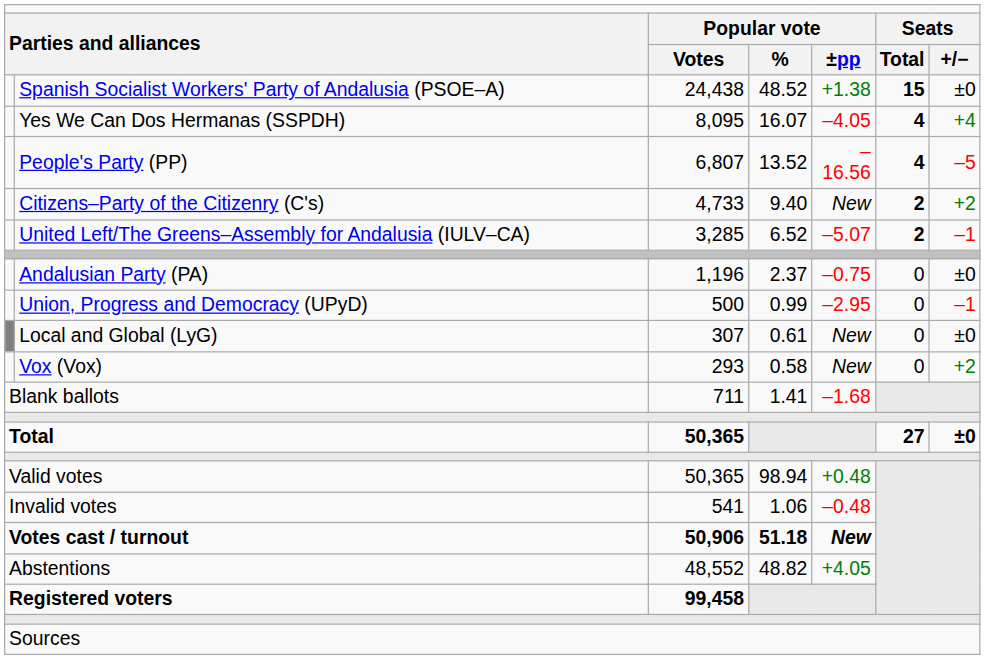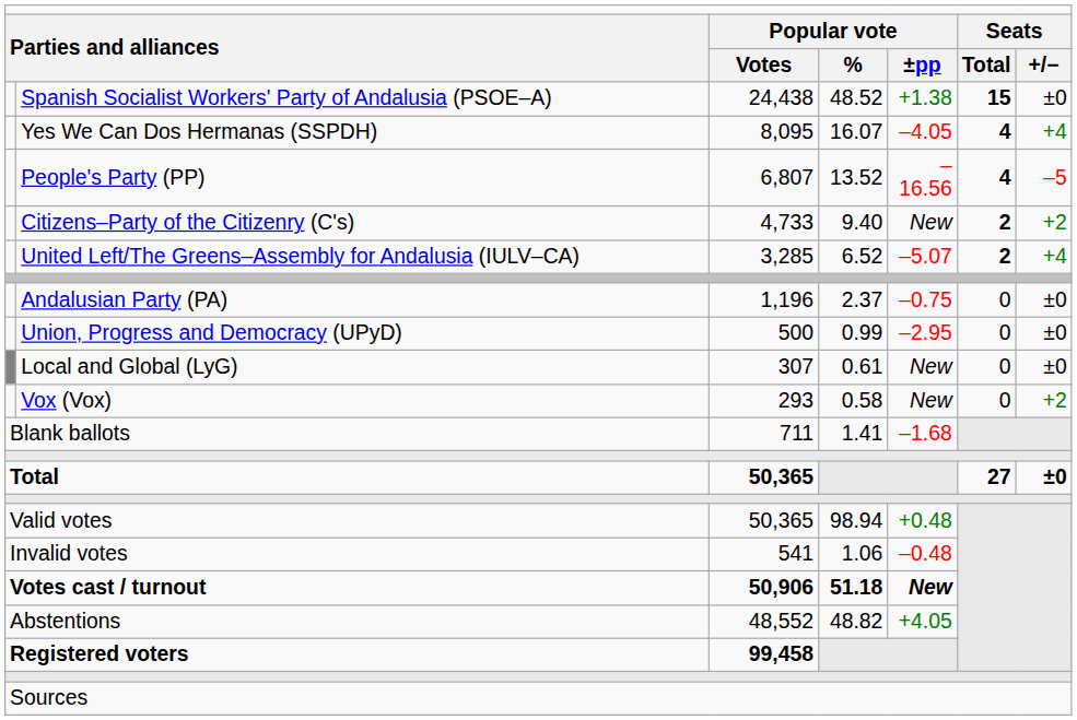 <table class="wikitable" style="text-align:right;">
 <tr>
 <td colspan="7"></td>
 </tr>
 <tr>
 <th style="text-align:left;" rowspan="2" colspan="2" width="525">Parties and alliances</th>
 <th colspan="3">Popular vote</th>
 <th colspan="2">Seats</th>
 </tr>
 <tr>
 <th width="75">Votes</th>
 <th width="45">%</th>
 <th width="45">±<a href='#'>pp</a></th>
 <th width="35">Total</th>
 <th width="35">+/−</th>
 </tr>
 <tr>
 <td width="1" style="color:inherit;background:"></td>
 <td align="left"><a href='#'>Spanish Socialist Workers' Party of Andalusia</a> (PSOE–A)</td>
 <td>24,438</td>
 <td>48.52</td>
 <td style="color:green;">+1.38</td>
 <td><strong>15</strong></td>
 <td>±0</td>
 </tr>
 <tr>
 <td style="color:inherit;background:"></td>
 <td align="left">Yes We Can Dos Hermanas (SSPDH)</td>
 <td>8,095</td>
 <td>16.07</td>
 <td style="color:red;">–4.05</td>
 <td><strong>4</strong></td>
 <td style="color:green;">+4</td>
 </tr>
 <tr>
 <td style="color:inherit;background:"></td>
 <td align="left"><a href='#'>People's Party</a> (PP)</td>
 <td>6,807</td>
 <td>13.52</td>
 <td style="color:red;">–16.56</td>
 <td><strong>4</strong></td>
 <td style="color:red;">–5</td>
 </tr>
 <tr>
 <td style="color:inherit;background:"></td>
 <td align="left"><a href='#'>Citizens–Party of the Citizenry</a> (C's)</td>
 <td>4,733</td>
 <td>9.40</td>
 <td><em>New</em></td>
 <td><strong>2</strong></td>
 <td style="color:green;">+2</td>
 </tr>
 <tr>
 <td style="color:inherit;background:"></td>
 <td align="left"><a href='#'>United Left/The Greens–Assembly for Andalusia</a> (IULV–CA)</td>
 <td>3,285</td>
 <td>6.52</td>
 <td style="color:red;">–5.07</td>
 <td><strong>2</strong></td>
-<td style="color:red;">–1</td>
+<td style="color:green;">+4</td>
 </tr>
 <tr>
 <td colspan="7" bgcolor="#C0C0C0"></td>
 </tr>
 <tr>
 <td style="color:inherit;background:"></td>
 <td align="left"><a href='#'>Andalusian Party</a> (PA)</td>
 <td>1,196</td>
 <td>2.37</td>
 <td style="color:red;">–0.75</td>
 <td>0</td>
 <td>±0</td>
 </tr>
 <tr>
 <td style="color:inherit;background:"></td>
 <td align="left"><a href='#'>Union, Progress and Democracy</a> (UPyD)</td>
 <td>500</td>
 <td>0.99</td>
 <td style="color:red;">–2.95</td>
 <td>0</td>
-<td style="color:red;">–1</td>
+<td>±0</td>
 </tr>
 <tr>
 <td bgcolor="grey"></td>
 <td align="left">Local and Global (LyG)</td>
 <td>307</td>
 <td>0.61</td>
 <td><em>New</em></td>
 <td>0</td>
 <td>±0</td>
 </tr>
 <tr>
 <td style="color:inherit;background:"></td>
 <td align="left"><a href='#'>Vox</a> (Vox)</td>
 <td>293</td>
 <td>0.58</td>
 <td><em>New</em></td>
 <td>0</td>
 <td style="color:green;">+2</td>
 </tr>
 <tr>
 <td align="left" colspan="2">Blank ballots</td>
 <td>711</td>
 <td>1.41</td>
 <td style="color:red;">–1.68</td>
 <td bgcolor="#E9E9E9" colspan="2"></td>
 </tr>
 <tr>
 <td colspan="7" bgcolor="#E9E9E9"></td>
 </tr>
 <tr style="font-weight:bold;">
 <td align="left" colspan="2">Total</td>
 <td>50,365</td>
 <td bgcolor="#E9E9E9" colspan="2"></td>
 <td>27</td>
 <td>±0</td>
 </tr>
 <tr>
 <td colspan="7" bgcolor="#E9E9E9"></td>
 </tr>
 <tr>
 <td align="left" colspan="2">Valid votes</td>
 <td>50,365</td>
 <td>98.94</td>
 <td style="color:green;">+0.48</td>
 <td bgcolor="#E9E9E9" colspan="2" rowspan="5"></td>
 </tr>
 <tr>
 <td align="left" colspan="2">Invalid votes</td>
 <td>541</td>
 <td>1.06</td>
 <td style="color:red;">–0.48</td>
 </tr>
 <tr style="font-weight:bold;">
 <td align="left" colspan="2">Votes cast / turnout</td>
 <td>50,906</td>
 <td>51.18</td>
 <td><em>New</em></td>
 </tr>
 <tr>
 <td align="left" colspan="2">Abstentions</td>
 <td>48,552</td>
 <td>48.82</td>
 <td style="color:green;">+4.05</td>
 </tr>
 <tr style="font-weight:bold;">
 <td align="left" colspan="2">Registered voters</td>
 <td>99,458</td>
 <td bgcolor="#E9E9E9" colspan="2"></td>
 </tr>
 <tr>
 <td colspan="7" bgcolor="#E9E9E9"></td>
 </tr>
 <tr>
 <td align="left" colspan="7">Sources</td>
 </tr>
 </table>
